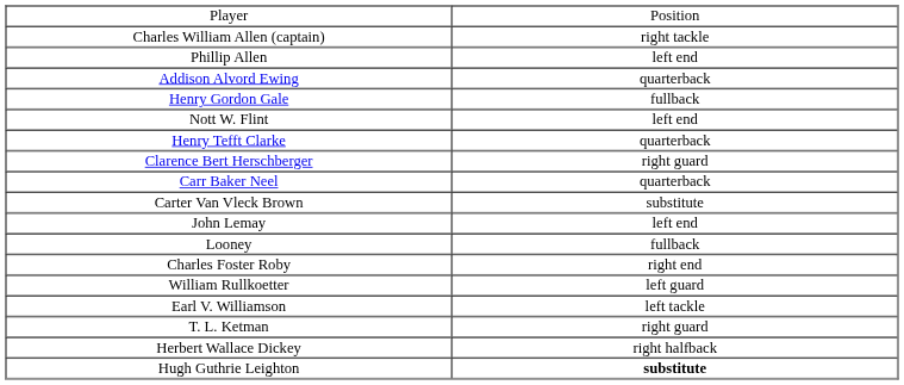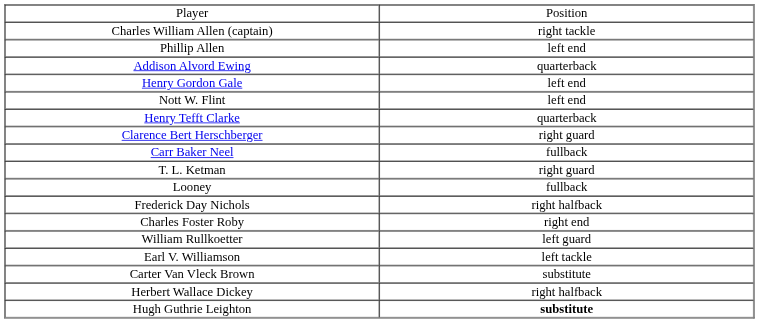 <table cellpadding="1" border="1" cellspacing="0" width="60%" style="text-align:center;">
 <tr>
 <td>Player</td>
 <td>Position</td>
 </tr>
 <tr align="center" bgcolor="">
 <td>Charles William Allen (captain)</td>
 <td>right tackle</td>
 </tr>
 <tr align="center" bgcolor="">
 <td>Phillip Allen</td>
 <td>left end</td>
 </tr>
 <tr align="center" bgcolor="">
 <td width="250"><a href='#'>Addison Alvord Ewing</a></td>
 <td width="250">quarterback</td>
 </tr>
 <tr align="center" bgcolor="">
 <td><a href='#'>Henry Gordon Gale</a></td>
-<td>fullback</td>
+<td>left end</td>
 </tr>
 <tr align="center" bgcolor="">
 <td>Nott W. Flint</td>
 <td>left end</td>
 </tr>
 <tr align="center" bgcolor="">
 <td><a href='#'>Henry Tefft Clarke</a></td>
 <td>quarterback</td>
 </tr>
 <tr align="center" bgcolor="">
 <td><a href='#'>Clarence Bert Herschberger</a></td>
 <td>right guard</td>
 </tr>
 <tr align="center" bgcolor="">
 <td><a href='#'>Carr Baker Neel</a></td>
-<td>quarterback</td>
+<td>fullback</td>
 </tr>
 <tr align="center" bgcolor="">
-<td>Carter Van Vleck Brown</td>
-<td>substitute</td>
-</tr>
-<tr align="center" bgcolor="">
-<td>John Lemay</td>
-<td>left end</td>
+<td>T. L. Ketman</td>
+<td>right guard</td>
 </tr>
 <tr align="center" bgcolor="">
 <td>Looney</td>
 <td>fullback</td>
+</tr>
+<tr align="center" bgcolor="">
+<td>Frederick Day Nichols</td>
+<td>right halfback</td>
 </tr>
 <tr align="center" bgcolor="">
 <td>Charles Foster Roby</td>
 <td>right end</td>
 </tr>
 <tr align="center" bgcolor="">
 <td>William Rullkoetter</td>
 <td>left guard</td>
 </tr>
 <tr align="center" bgcolor="">
 <td>Earl V. Williamson</td>
 <td>left tackle</td>
 </tr>
 <tr align="center" bgcolor="">
-<td>T. L. Ketman</td>
-<td>right guard</td>
+<td>Carter Van Vleck Brown</td>
+<td>substitute</td>
 </tr>
 <tr align="center" bgcolor="">
 <td>Herbert Wallace Dickey</td>
 <td>right halfback</td>
 </tr>
 <tr align="center" bgcolor="">
 <td>Hugh Guthrie Leighton</td>
 <td><strong>substitute</strong></td>
 </tr>
 <tr align="center" bgcolor="">
 </tr>
 </table>
